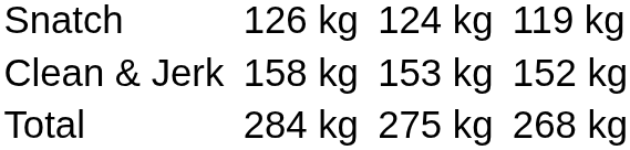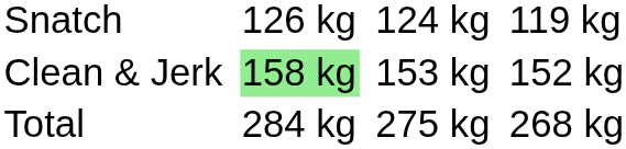 <table>
 <tr>
 <td>Snatch</td>
 <td></td>
 <td>126 kg</td>
 <td></td>
 <td>124 kg</td>
 <td></td>
 <td>119 kg</td>
 </tr>
 <tr>
 <td>Clean & Jerk</td>
 <td></td>
-<td>158 kg</td>
+<td style="background: lightgreen;">158 kg</td>
 <td></td>
 <td>153 kg</td>
 <td></td>
 <td>152 kg</td>
 </tr>
 <tr>
 <td>Total</td>
 <td></td>
 <td>284 kg</td>
 <td></td>
 <td>275 kg</td>
 <td></td>
 <td>268 kg</td>
 </tr>
 </table>
